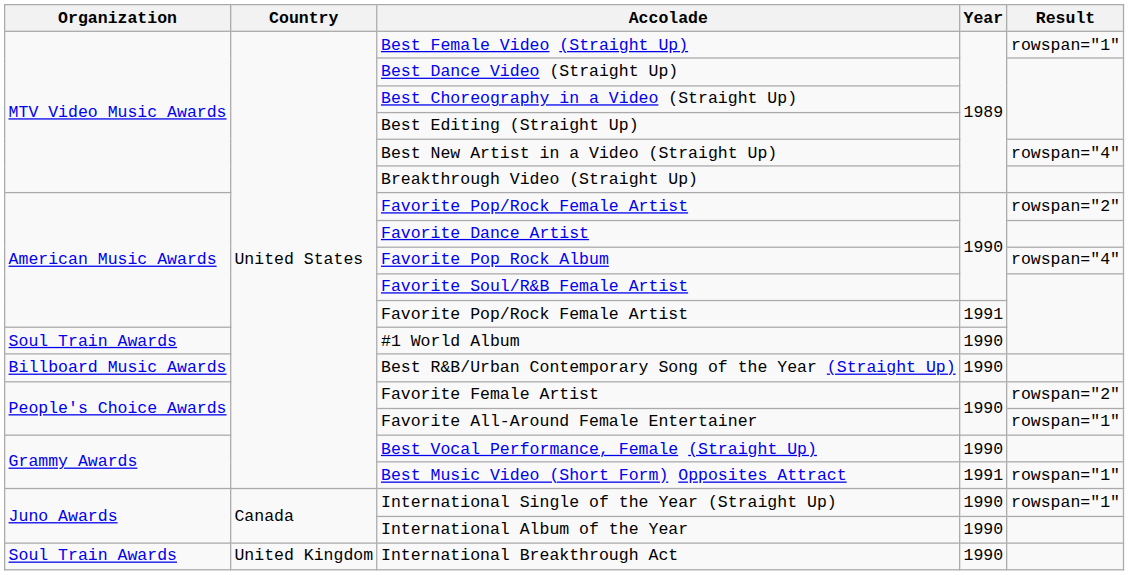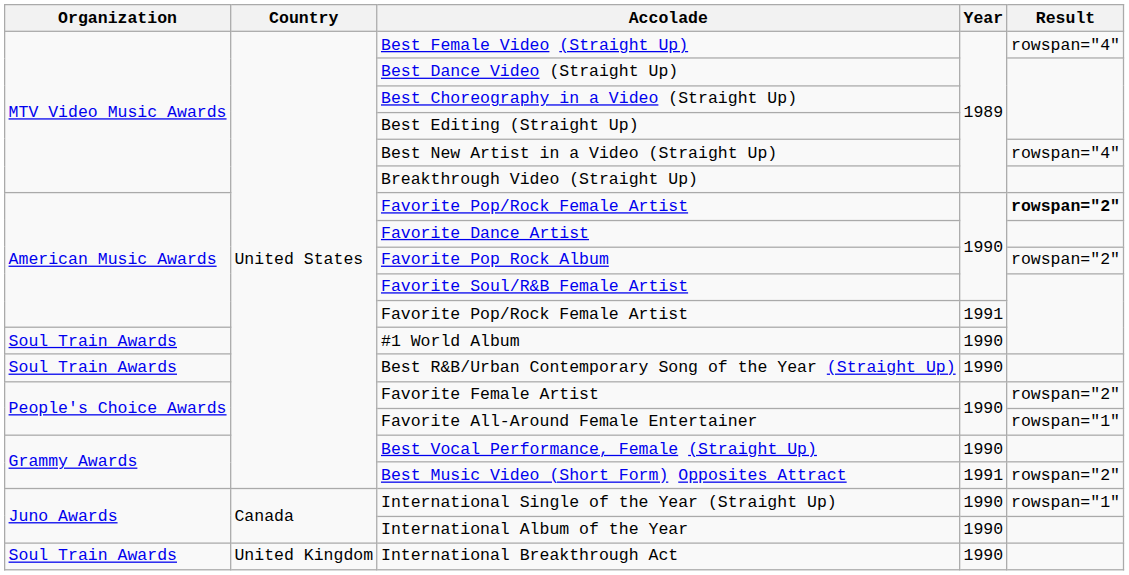 <table class="wikitable sortable">
 <tr>
 <th>Organization</th>
 <th>Country</th>
 <th>Accolade</th>
 <th>Year</th>
 <th>Result</th>
 </tr>
 <tr>
 <td rowspan="6"><a href='#'>MTV Video Music Awards</a></td>
 <td rowspan="17">United States</td>
 <td><a href='#'>Best Female Video</a> <a href='#'>(Straight Up)</a></td>
 <td rowspan="6">1989</td>
-<td>rowspan="1"</td>
+<td>rowspan="4" </td>
 </tr>
 <tr>
 <td><a href='#'>Best Dance Video</a> (Straight Up)</td>
 </tr>
 <tr>
 <td><a href='#'>Best Choreography in a Video</a> (Straight Up)</td>
 </tr>
 <tr>
 <td>Best Editing (Straight Up)</td>
 </tr>
 <tr>
 <td>Best New Artist in a Video (Straight Up)</td>
 <td>rowspan="4" </td>
 </tr>
 <tr>
 <td>Breakthrough Video (Straight Up)</td>
 </tr>
 <tr>
 <td rowspan="5"><a href='#'>American Music Awards</a></td>
 <td><a href='#'>Favorite Pop/Rock Female Artist</a></td>
 <td rowspan="4">1990</td>
-<td>rowspan="2" </td>
+<td><strong>rowspan="2" </strong></td>
 </tr>
 <tr>
 <td><a href='#'>Favorite Dance Artist</a></td>
 </tr>
 <tr>
 <td><a href='#'>Favorite Pop Rock Album</a></td>
-<td>rowspan="4" </td>
+<td>rowspan="2"</td>
 </tr>
 <tr>
 <td><a href='#'>Favorite Soul/R&B Female Artist</a></td>
 </tr>
 <tr>
 <td>Favorite Pop/Rock Female Artist</td>
 <td>1991</td>
 </tr>
 <tr>
 <td rowspan="1"><a href='#'>Soul Train Awards</a></td>
 <td>#1 World Album</td>
 <td>1990</td>
 </tr>
 <tr>
-<td><a href='#'>Billboard Music Awards</a></td>
+<td rowspan="1"><a href='#'>Soul Train Awards</a></td>
 <td>Best R&B/Urban Contemporary Song of the Year <a href='#'>(Straight Up)</a></td>
 <td>1990</td>
 <td></td>
 </tr>
 <tr>
 <td rowspan="2"><a href='#'>People's Choice Awards</a></td>
 <td>Favorite Female Artist</td>
 <td rowspan="2">1990</td>
 <td>rowspan="2"</td>
 </tr>
 <tr>
 <td>Favorite All-Around Female Entertainer</td>
 <td>rowspan="1"</td>
 </tr>
 <tr>
 <td rowspan="2"><a href='#'>Grammy Awards</a></td>
 <td><a href='#'>Best Vocal Performance, Female</a> <a href='#'>(Straight Up)</a></td>
 <td>1990</td>
 <td></td>
 </tr>
 <tr>
 <td><a href='#'>Best Music Video (Short Form)</a> <a href='#'>Opposites Attract</a></td>
 <td>1991</td>
-<td>rowspan="1"</td>
+<td>rowspan="2" </td>
 </tr>
 <tr>
 <td rowspan="2"><a href='#'>Juno Awards</a></td>
 <td rowspan="2">Canada</td>
 <td>International Single of the Year (Straight Up)</td>
 <td>1990</td>
 <td>rowspan="1"</td>
 </tr>
 <tr>
 <td>International Album of the Year</td>
 <td>1990</td>
 </tr>
 <tr>
 <td rowspan="1"><a href='#'>Soul Train Awards</a></td>
 <td>United Kingdom</td>
 <td>International Breakthrough Act</td>
 <td>1990</td>
 <td></td>
 </tr>
 </table>
